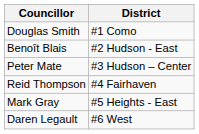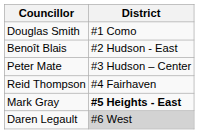 <table class="wikitable">
 <tr>
 <th>Councillor</th>
 <th>District</th>
 </tr>
 <tr>
 <td>Douglas Smith</td>
 <td>#1  	Como</td>
 </tr>
 <tr>
 <td>Benoît Blais</td>
 <td>#2  	Hudson - East</td>
 </tr>
 <tr>
 <td>Peter Mate</td>
 <td>#3 	Hudson – Center</td>
 </tr>
 <tr>
 <td>Reid Thompson</td>
 <td>#4 	Fairhaven</td>
 </tr>
 <tr>
 <td>Mark Gray</td>
-<td>#5 	Heights - East</td>
+<td><strong>#5 	Heights - East</strong></td>
 </tr>
 <tr>
 <td>Daren Legault</td>
-<td>#6 	West</td>
+<td style="background: lightgrey;">#6 	West</td>
 </tr>
 </table>
